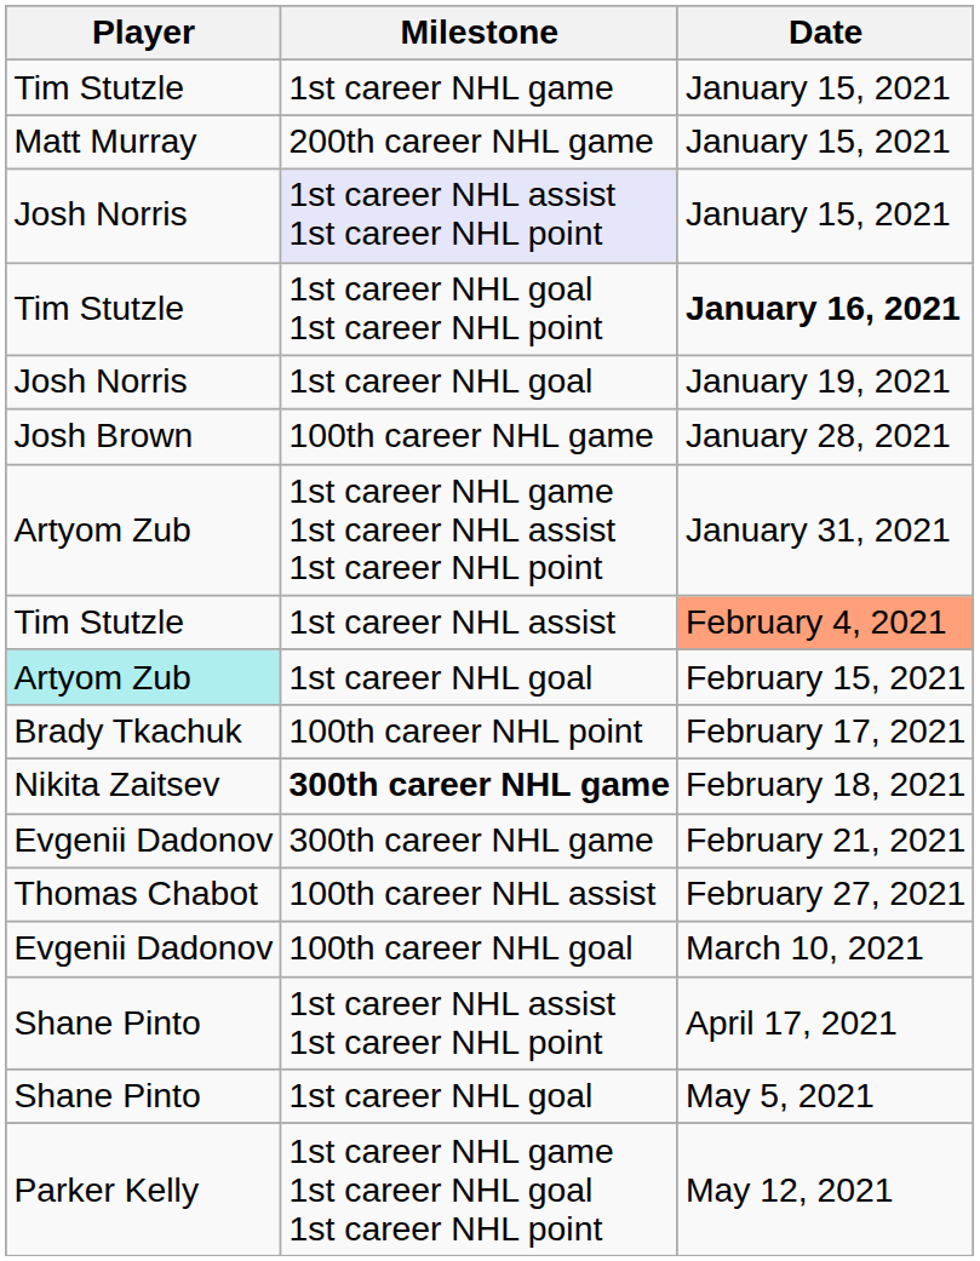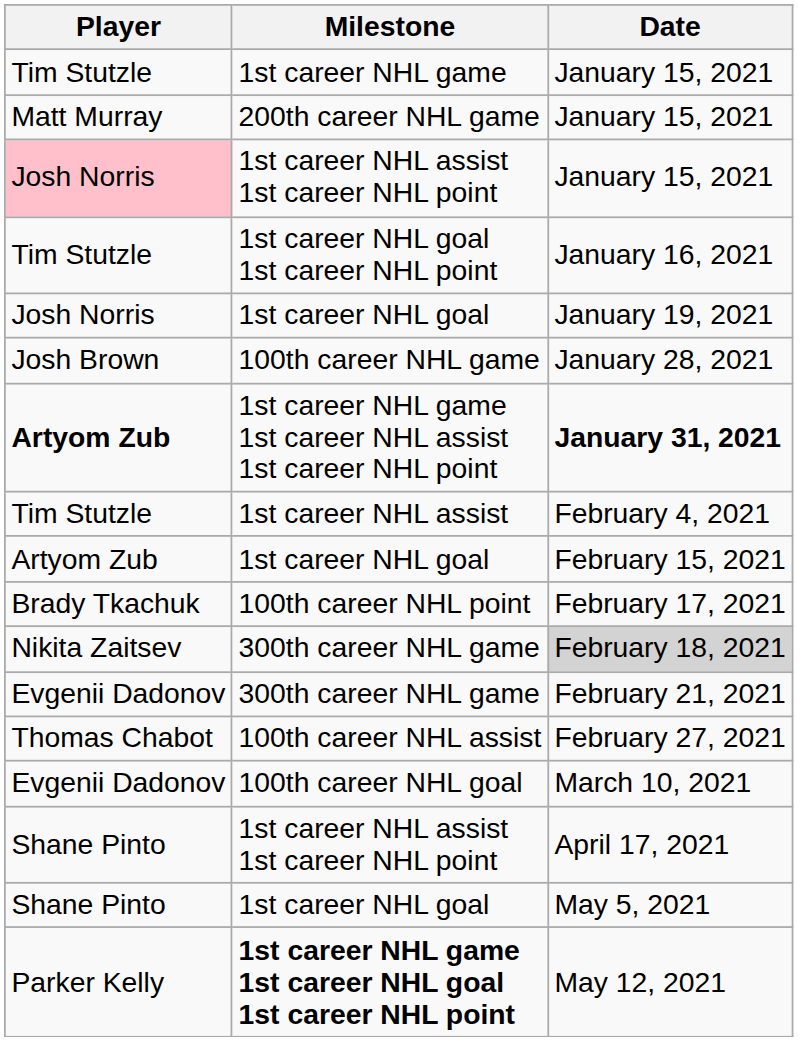 <table class="wikitable">
 <tr>
 <th>Player</th>
 <th>Milestone</th>
 <th>Date</th>
 </tr>
 <tr>
 <td>Tim Stutzle</td>
 <td>1st career NHL game</td>
 <td>January 15, 2021</td>
 </tr>
 <tr>
 <td>Matt Murray</td>
 <td>200th career NHL game</td>
 <td>January 15, 2021</td>
 </tr>
 <tr>
-<td>Josh Norris</td>
-<td style="background: lavender;">1st career NHL assist<br>1st career NHL point</td>
+<td style="background: pink;">Josh Norris</td>
+<td>1st career NHL assist<br>1st career NHL point</td>
 <td>January 15, 2021</td>
 </tr>
 <tr>
 <td>Tim Stutzle</td>
 <td>1st career NHL goal<br>1st career NHL point</td>
-<td><strong>January 16, 2021</strong></td>
+<td>January 16, 2021</td>
 </tr>
 <tr>
 <td>Josh Norris</td>
 <td>1st career NHL goal</td>
 <td>January 19, 2021</td>
 </tr>
 <tr>
 <td>Josh Brown</td>
 <td>100th career NHL game</td>
 <td>January 28, 2021</td>
 </tr>
 <tr>
-<td>Artyom Zub</td>
+<td><strong>Artyom Zub</strong></td>
 <td>1st career NHL game<br>1st career NHL assist<br>1st career NHL point</td>
-<td>January 31, 2021</td>
+<td><strong>January 31, 2021</strong></td>
 </tr>
 <tr>
 <td>Tim Stutzle</td>
 <td>1st career NHL assist</td>
-<td style="background: lightsalmon;">February 4, 2021</td>
+<td>February 4, 2021</td>
 </tr>
 <tr>
-<td style="background: paleturquoise;">Artyom Zub</td>
+<td>Artyom Zub</td>
 <td>1st career NHL goal</td>
 <td>February 15, 2021</td>
 </tr>
 <tr>
 <td>Brady Tkachuk</td>
 <td>100th career NHL point</td>
 <td>February 17, 2021</td>
 </tr>
 <tr>
 <td>Nikita Zaitsev</td>
-<td><strong>300th career NHL game</strong></td>
-<td>February 18, 2021</td>
+<td>300th career NHL game</td>
+<td style="background: lightgrey;">February 18, 2021</td>
 </tr>
 <tr>
 <td>Evgenii Dadonov</td>
 <td>300th career NHL game</td>
 <td>February 21, 2021</td>
 </tr>
 <tr>
 <td>Thomas Chabot</td>
 <td>100th career NHL assist</td>
 <td>February 27, 2021</td>
 </tr>
 <tr>
 <td>Evgenii Dadonov</td>
 <td>100th career NHL goal</td>
 <td>March 10, 2021</td>
 </tr>
 <tr>
 <td>Shane Pinto</td>
 <td>1st career NHL assist<br>1st career NHL point</td>
 <td>April 17, 2021</td>
 </tr>
 <tr>
 <td>Shane Pinto</td>
 <td>1st career NHL goal</td>
 <td>May 5, 2021</td>
 </tr>
 <tr>
 <td>Parker Kelly</td>
-<td>1st career NHL game<br> 1st career NHL goal<br> 1st career NHL point</td>
+<td><strong>1st career NHL game<br> 1st career NHL goal<br> 1st career NHL point</strong></td>
 <td>May 12, 2021</td>
 </tr>
 </table>
